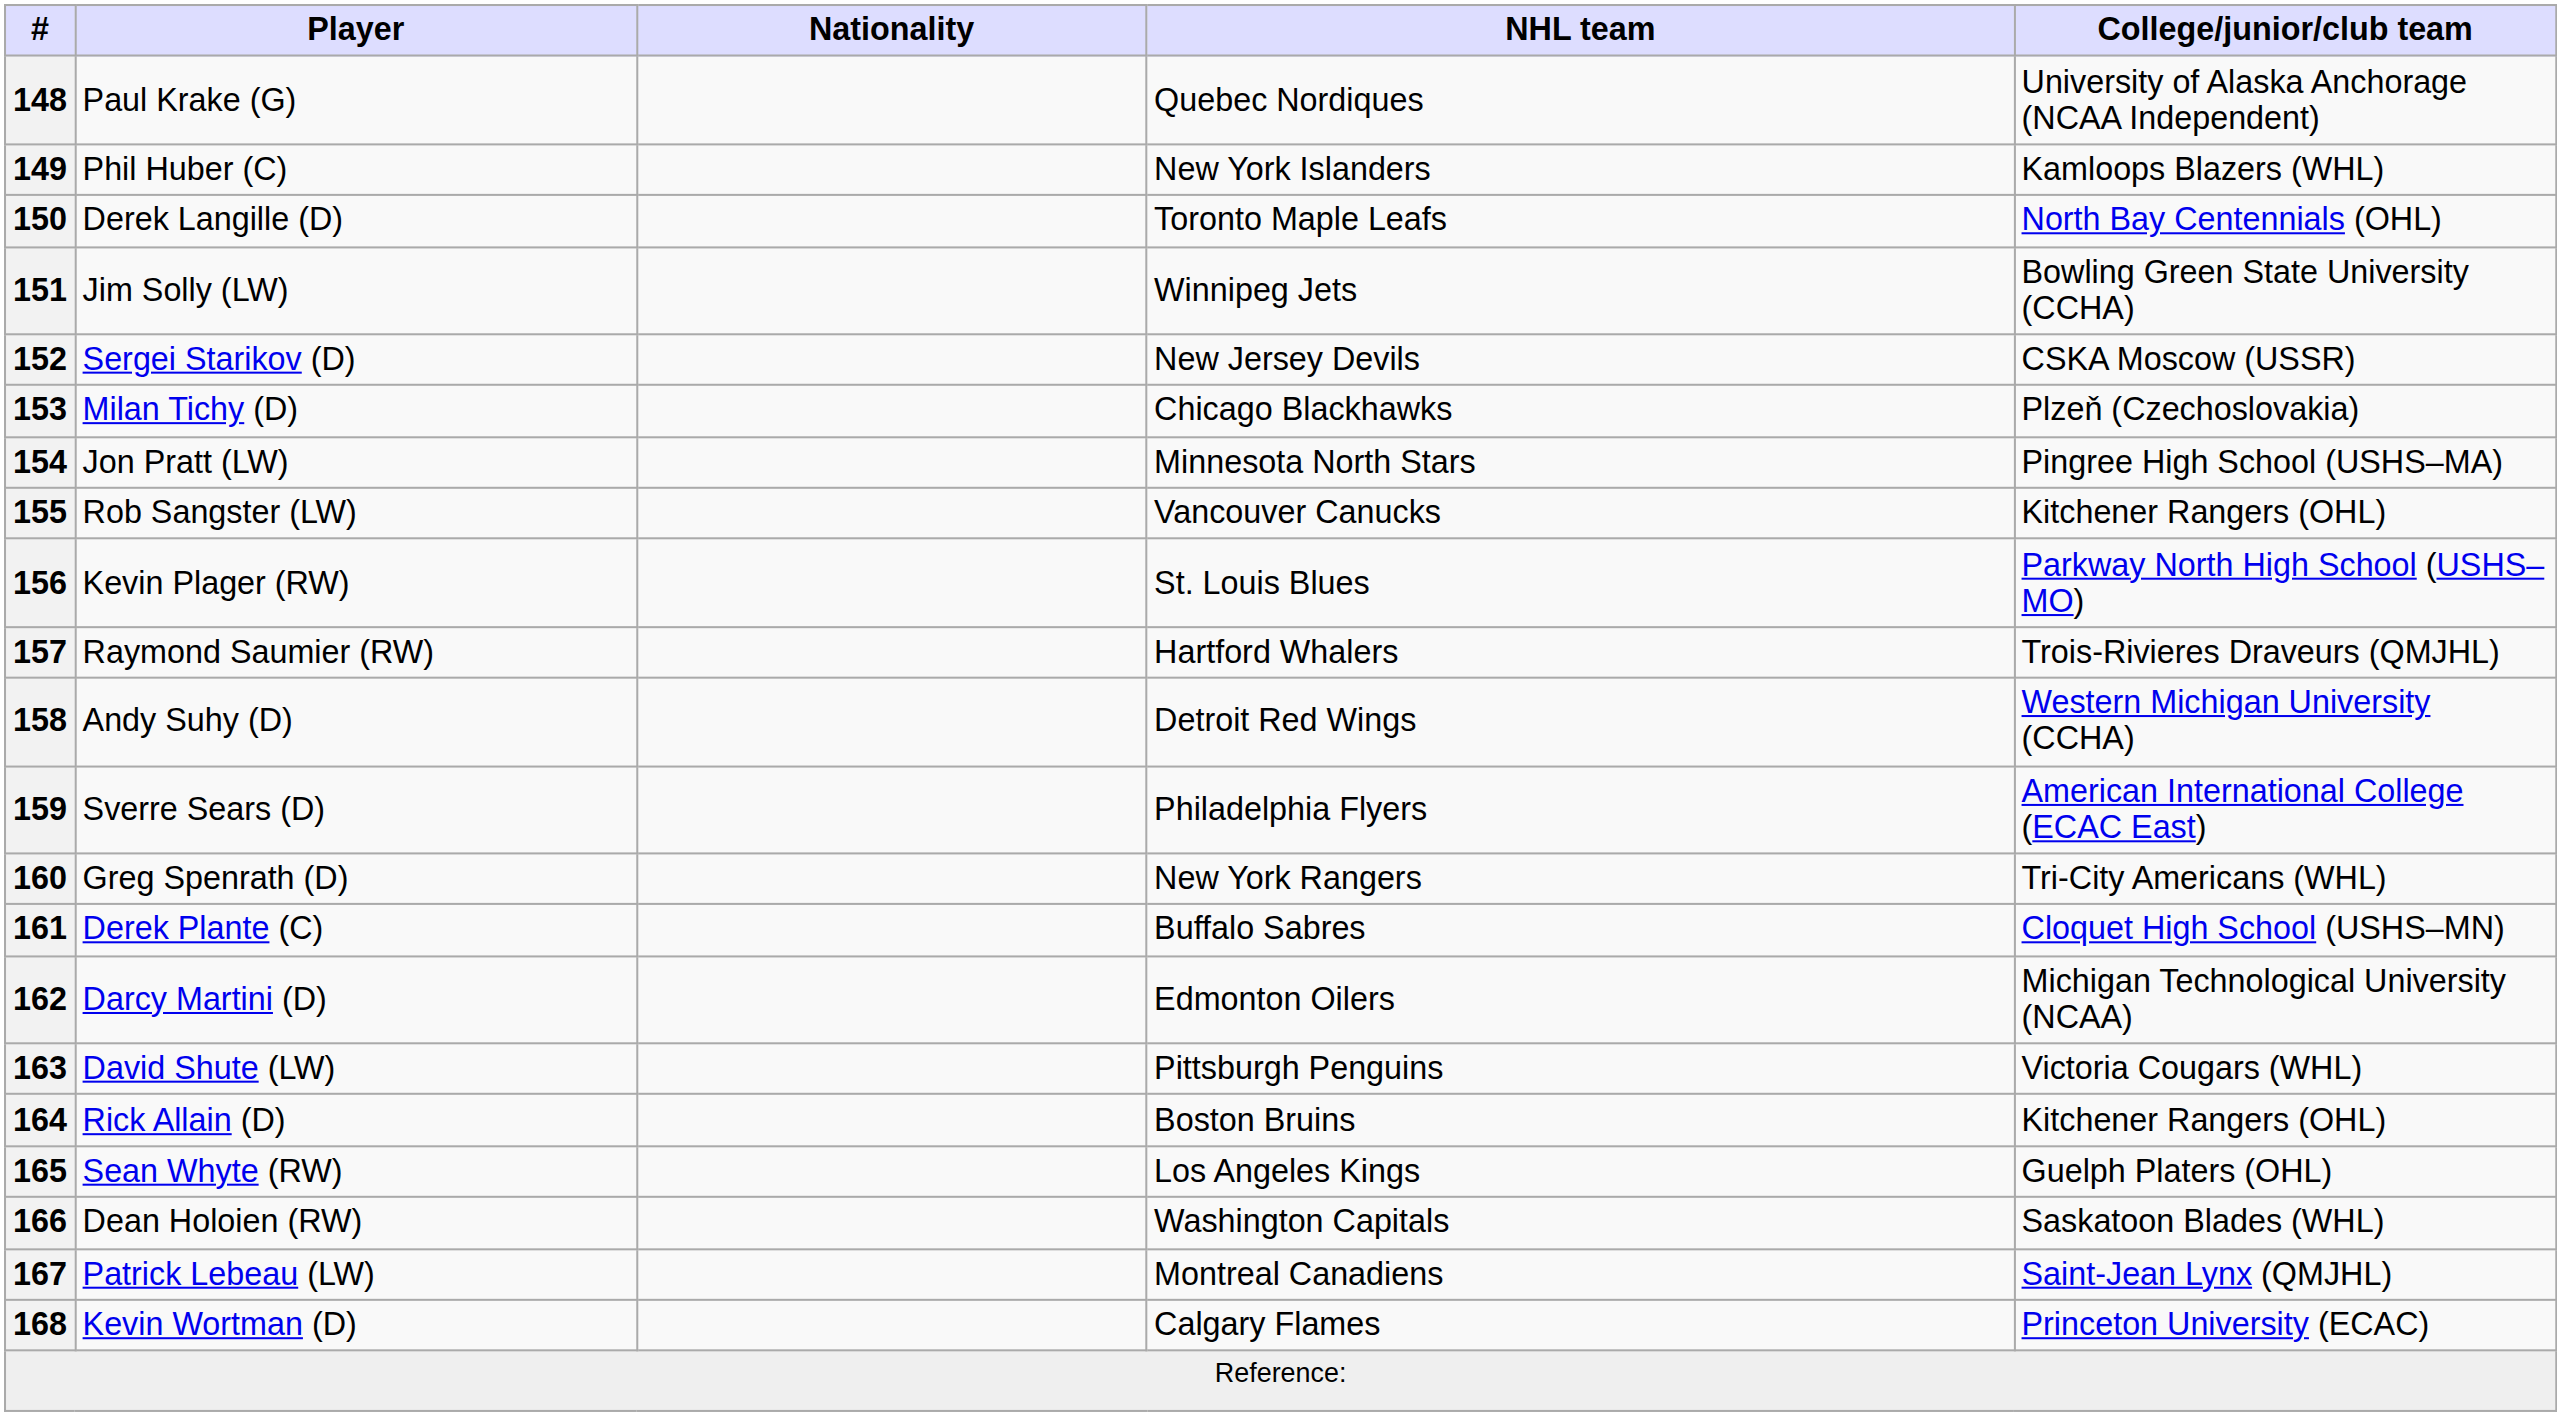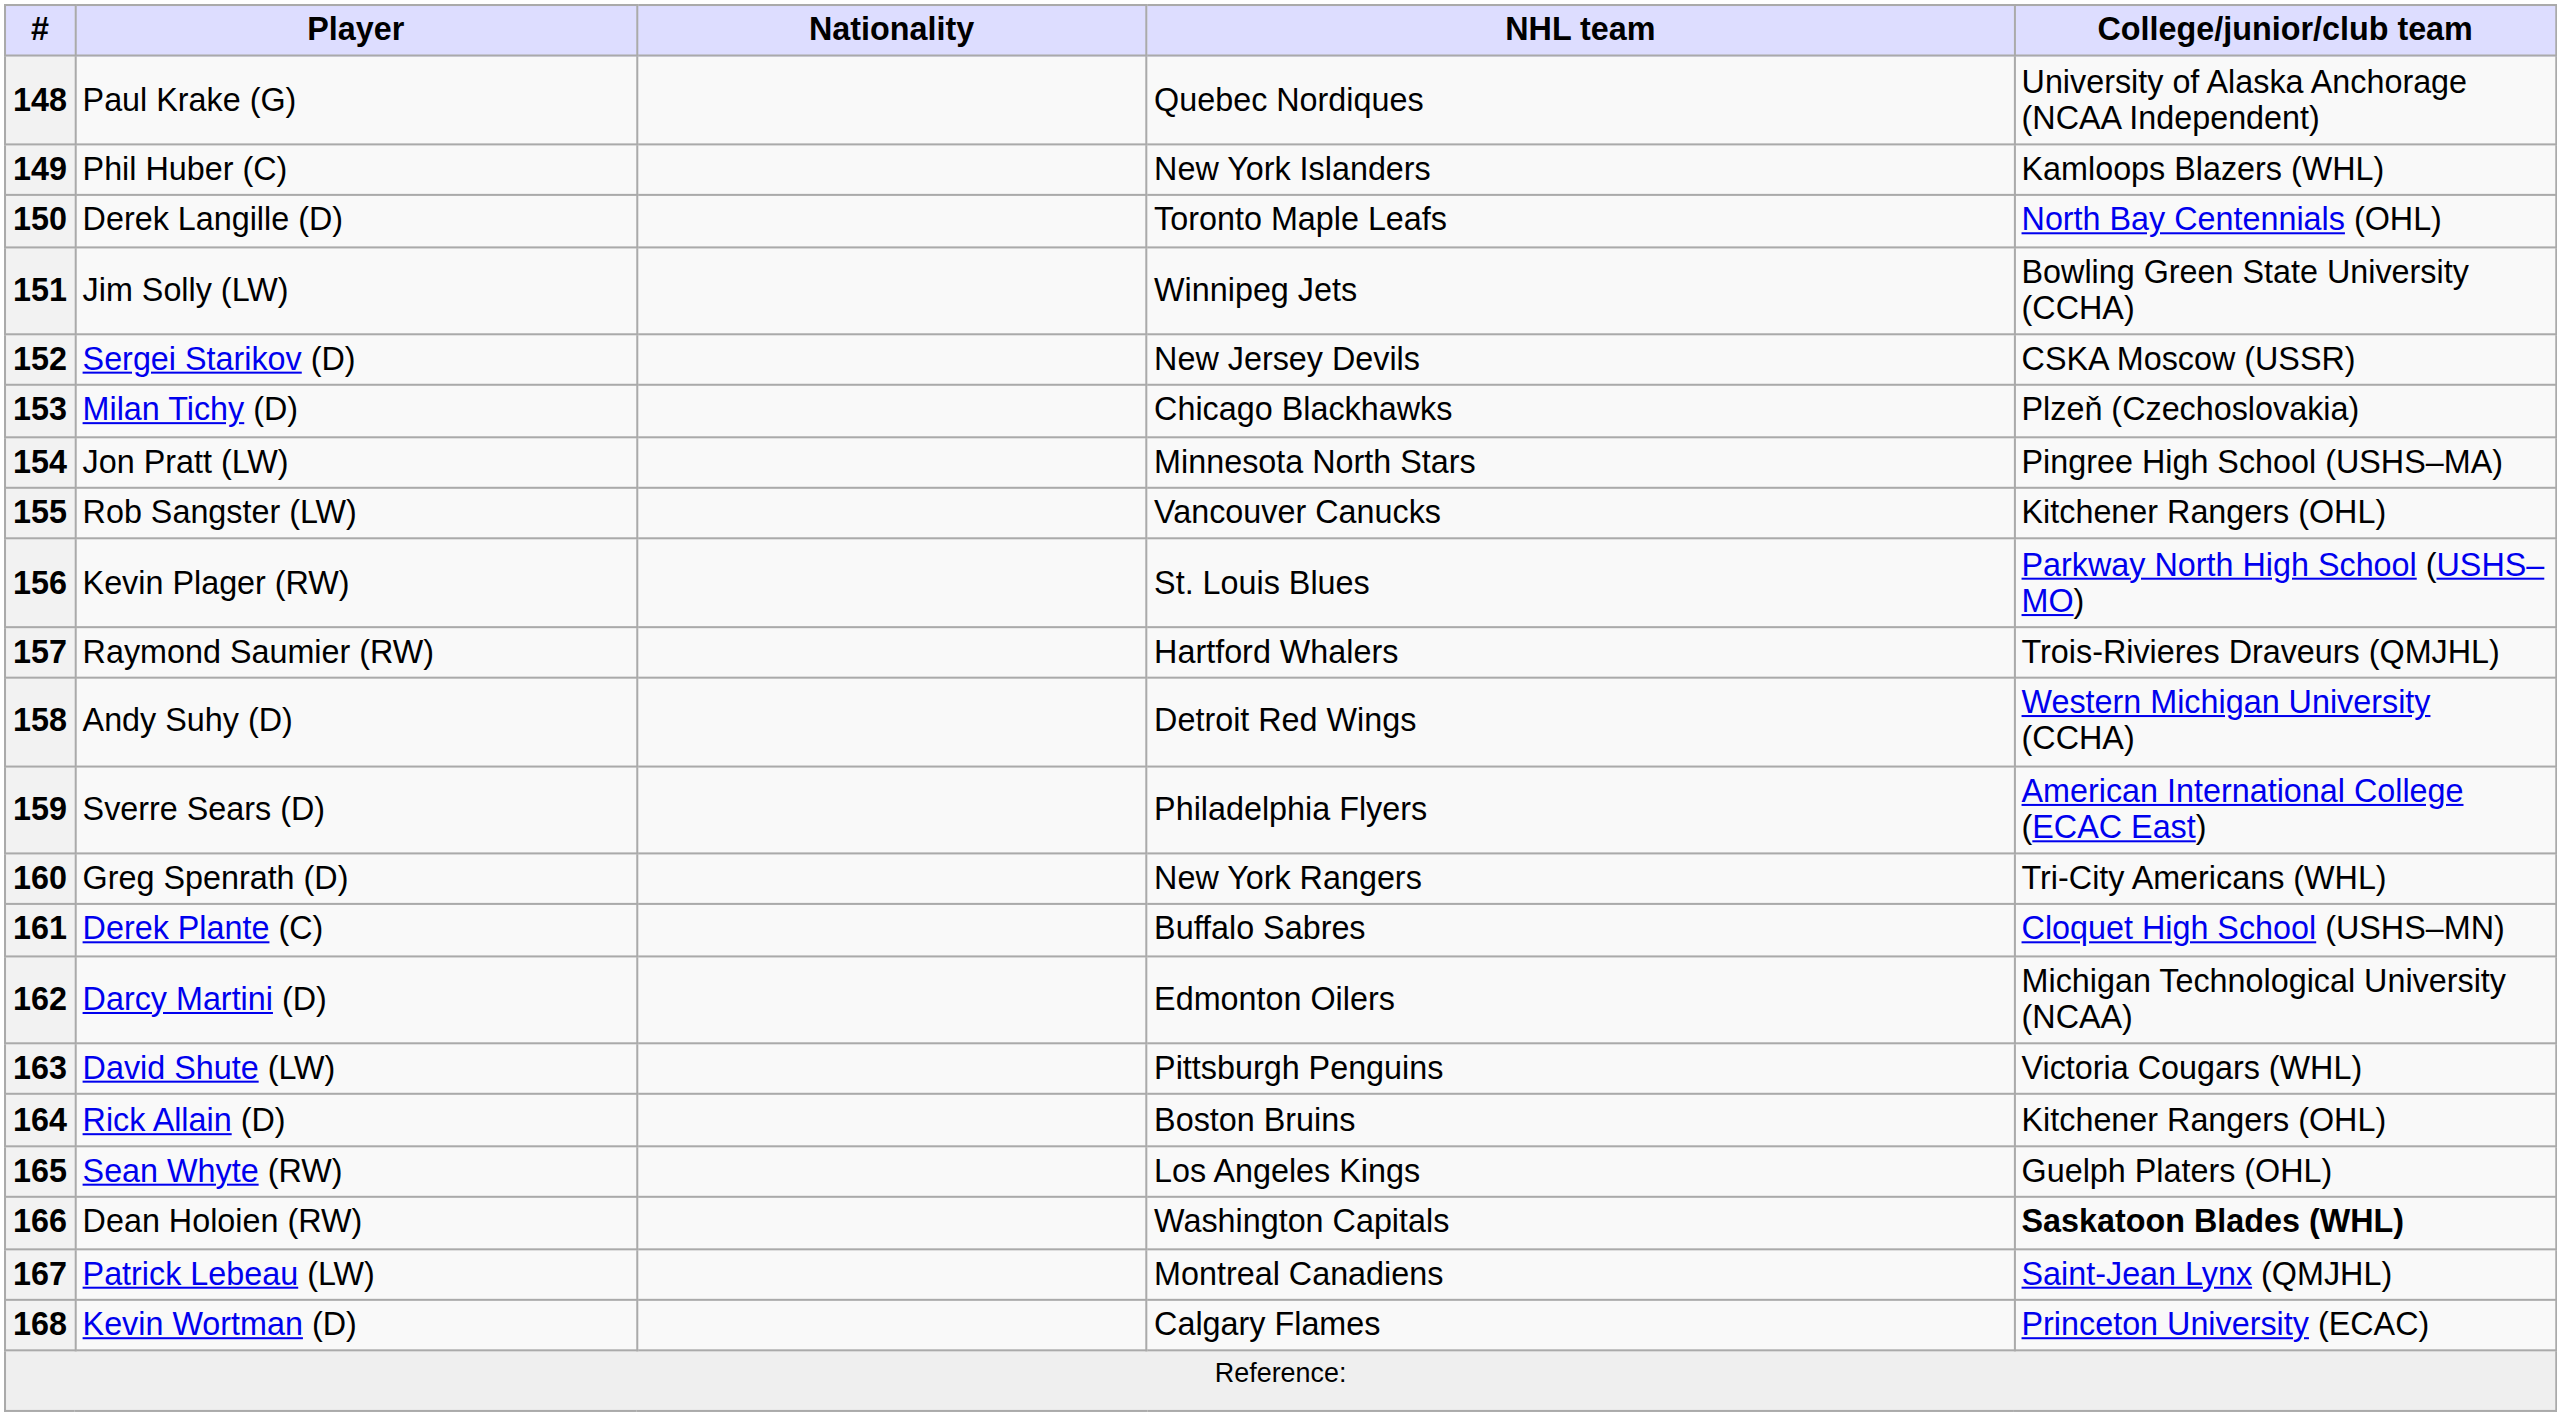 <table class="wikitable" style="width: 100%">
 <tr>
 <th style="background:#ddf; width:2.75%;">#</th>
 <th style="background:#ddf; width:22.0%;">Player</th>
 <th style="background:#ddf; width:20.0%;">Nationality</th>
 <th style="background:#ddf; width:34.0%;">NHL team</th>
 <th style="background:#ddf; width:100.0%;">College/junior/club team</th>
 </tr>
 <tr>
 <th>148</th>
 <td>Paul Krake (G)</td>
 <td></td>
 <td>Quebec Nordiques</td>
 <td>University of Alaska Anchorage (NCAA Independent)</td>
 </tr>
 <tr>
 <th>149</th>
 <td>Phil Huber (C)</td>
 <td></td>
 <td>New York Islanders</td>
 <td>Kamloops Blazers (WHL)</td>
 </tr>
 <tr>
 <th>150</th>
 <td>Derek Langille (D)</td>
 <td></td>
 <td>Toronto Maple Leafs</td>
 <td><a href='#'>North Bay Centennials</a> (OHL)</td>
 </tr>
 <tr>
 <th>151</th>
 <td>Jim Solly (LW)</td>
 <td></td>
 <td>Winnipeg Jets</td>
 <td>Bowling Green State University (CCHA)</td>
 </tr>
 <tr>
 <th>152</th>
 <td><a href='#'>Sergei Starikov</a> (D)</td>
 <td></td>
 <td>New Jersey Devils</td>
 <td>CSKA Moscow (USSR)</td>
 </tr>
 <tr>
 <th>153</th>
 <td><a href='#'>Milan Tichy</a> (D)</td>
 <td></td>
 <td>Chicago Blackhawks</td>
 <td>Plzeň (Czechoslovakia)</td>
 </tr>
 <tr>
 <th>154</th>
 <td>Jon Pratt (LW)</td>
 <td></td>
 <td>Minnesota North Stars</td>
 <td>Pingree High School (USHS–MA)</td>
 </tr>
 <tr>
 <th>155</th>
 <td>Rob Sangster (LW)</td>
 <td></td>
 <td>Vancouver Canucks</td>
 <td>Kitchener Rangers (OHL)</td>
 </tr>
 <tr>
 <th>156</th>
 <td>Kevin Plager (RW)</td>
 <td></td>
 <td>St. Louis Blues</td>
 <td><a href='#'>Parkway North High School</a> (<a href='#'>USHS–MO</a>)</td>
 </tr>
 <tr>
 <th>157</th>
 <td>Raymond Saumier (RW)</td>
 <td></td>
 <td>Hartford Whalers</td>
 <td>Trois-Rivieres Draveurs (QMJHL)</td>
 </tr>
 <tr>
 <th>158</th>
 <td>Andy Suhy (D)</td>
 <td></td>
 <td>Detroit Red Wings</td>
 <td><a href='#'>Western Michigan University</a> (CCHA)</td>
 </tr>
 <tr>
 <th>159</th>
 <td>Sverre Sears (D)</td>
 <td></td>
 <td>Philadelphia Flyers</td>
 <td><a href='#'>American International College</a> (<a href='#'>ECAC East</a>)</td>
 </tr>
 <tr>
 <th>160</th>
 <td>Greg Spenrath (D)</td>
 <td></td>
 <td>New York Rangers</td>
 <td>Tri-City Americans (WHL)</td>
 </tr>
 <tr>
 <th>161</th>
 <td><a href='#'>Derek Plante</a> (C)</td>
 <td></td>
 <td>Buffalo Sabres</td>
 <td><a href='#'>Cloquet High School</a> (USHS–MN)</td>
 </tr>
 <tr>
 <th>162</th>
 <td><a href='#'>Darcy Martini</a> (D)</td>
 <td></td>
 <td>Edmonton Oilers</td>
 <td>Michigan Technological University (NCAA)</td>
 </tr>
 <tr>
 <th>163</th>
 <td><a href='#'>David Shute</a> (LW)</td>
 <td></td>
 <td>Pittsburgh Penguins</td>
 <td>Victoria Cougars (WHL)</td>
 </tr>
 <tr>
 <th>164</th>
 <td><a href='#'>Rick Allain</a> (D)</td>
 <td></td>
 <td>Boston Bruins</td>
 <td>Kitchener Rangers (OHL)</td>
 </tr>
 <tr>
 <th>165</th>
 <td><a href='#'>Sean Whyte</a> (RW)</td>
 <td></td>
 <td>Los Angeles Kings</td>
 <td>Guelph Platers (OHL)</td>
 </tr>
 <tr>
 <th>166</th>
 <td>Dean Holoien (RW)</td>
 <td></td>
 <td>Washington Capitals</td>
-<td>Saskatoon Blades (WHL)</td>
+<td><strong>Saskatoon Blades (WHL)</strong></td>
 </tr>
 <tr>
 <th>167</th>
 <td><a href='#'>Patrick Lebeau</a> (LW)</td>
 <td></td>
 <td>Montreal Canadiens</td>
 <td><a href='#'>Saint-Jean Lynx</a> (QMJHL)</td>
 </tr>
 <tr>
 <th>168</th>
 <td><a href='#'>Kevin Wortman</a> (D)</td>
 <td></td>
 <td>Calgary Flames</td>
 <td><a href='#'>Princeton University</a> (ECAC)</td>
 </tr>
 <tr>
 <td align=center colspan="6" bgcolor="#efefef"><sup>Reference:  </sup></td>
 </tr>
 </table>
